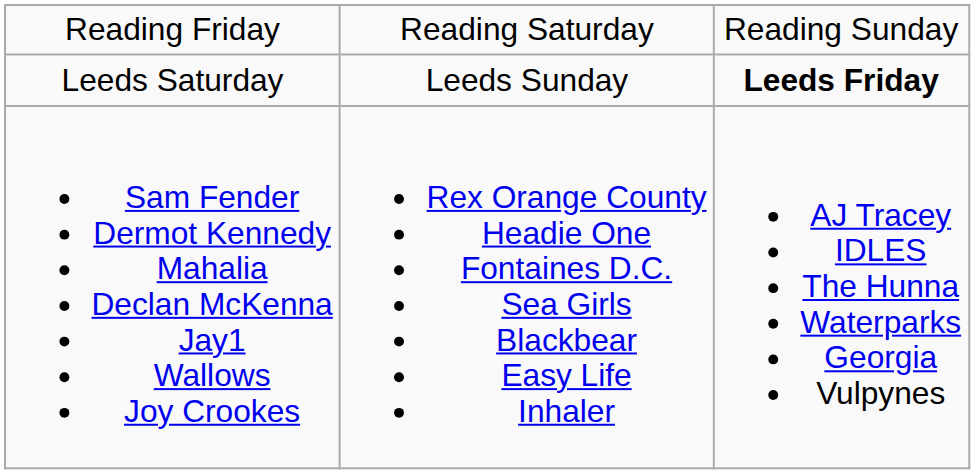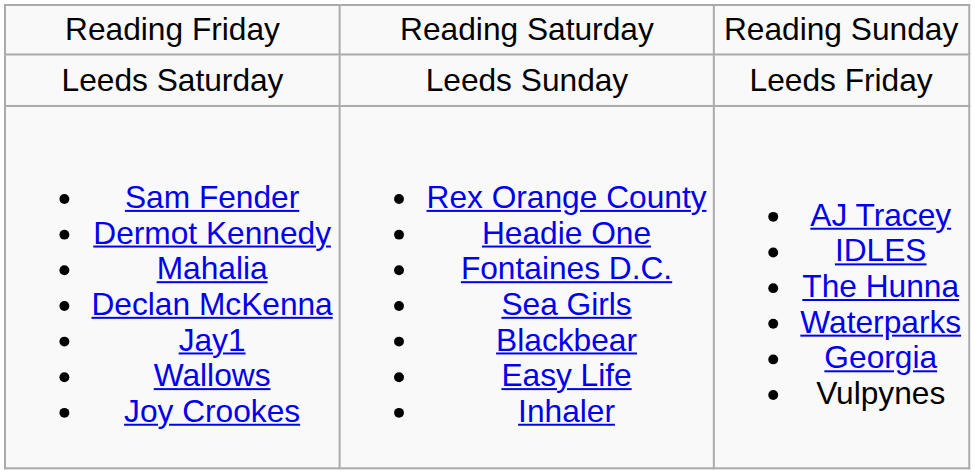 <table class="wikitable" style="text-align:center;">
 <tr>
 <td>Reading Friday</td>
 <td>Reading Saturday</td>
 <td>Reading Sunday</td>
 </tr>
 <tr>
 <td>Leeds Saturday</td>
 <td>Leeds Sunday</td>
-<td><strong>Leeds Friday</strong></td>
+<td>Leeds Friday</td>
 </tr>
 <tr>
 <td><br><ul><li><a href='#'>Sam Fender</a></li><li><a href='#'>Dermot Kennedy</a></li><li><a href='#'>Mahalia</a></li><li><a href='#'>Declan McKenna</a></li><li><a href='#'>Jay1</a></li><li><a href='#'>Wallows</a></li><li><a href='#'>Joy Crookes</a></li></ul></td>
 <td><br><ul><li><a href='#'>Rex Orange County</a></li><li><a href='#'>Headie One</a></li><li><a href='#'>Fontaines D.C.</a></li><li><a href='#'>Sea Girls</a></li><li><a href='#'>Blackbear</a></li><li><a href='#'>Easy Life</a></li><li><a href='#'>Inhaler</a></li></ul></td>
 <td><br><ul><li><a href='#'>AJ Tracey</a></li><li><a href='#'>IDLES</a></li><li><a href='#'>The Hunna</a></li><li><a href='#'>Waterparks</a></li><li><a href='#'>Georgia</a></li><li>Vulpynes</li></ul></td>
 </tr>
 </table>
